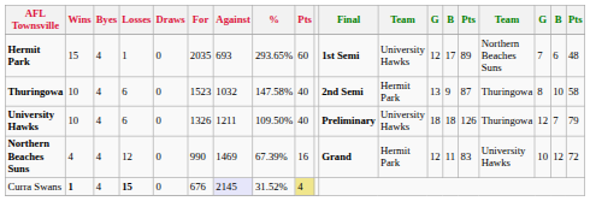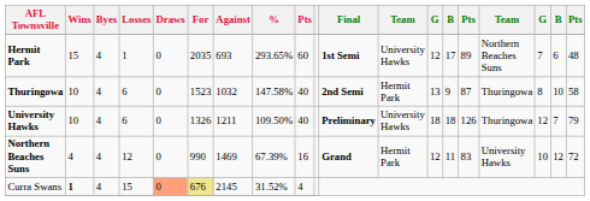 <table class="wikitable" style="font-size: 85%; text-align: left">
 <tr>
 <th style="color:crimson">AFL Townsville</th>
 <th style="color:crimson">Wins</th>
 <th style="color:crimson">Byes</th>
 <th style="color:crimson">Losses</th>
 <th style="color:crimson">Draws</th>
 <th style="color:crimson">For</th>
 <th style="color:crimson">Against</th>
 <th style="color:crimson">%</th>
 <th style="color:crimson">Pts</th>
 <th></th>
 <th style="color:green">Final</th>
 <th style="color:green">Team</th>
 <th style="color:green">G</th>
 <th style="color:green">B</th>
 <th style="color:green">Pts</th>
 <th style="color:green">Team</th>
 <th style="color:green">G</th>
 <th style="color:green">B</th>
 <th style="color:green">Pts</th>
 </tr>
 <tr>
 </tr>
 <tr>
 </tr>
 <tr>
 <td><strong>	Hermit Park	</strong></td>
 <td>15</td>
 <td>4</td>
 <td>1</td>
 <td>0</td>
 <td>2035</td>
 <td>693</td>
 <td>293.65%</td>
 <td>60</td>
 <td></td>
 <td><strong>1st Semi</strong></td>
 <td>University Hawks</td>
 <td>12</td>
 <td>17</td>
 <td>89</td>
 <td>Northern Beaches Suns</td>
 <td>7</td>
 <td>6</td>
 <td>48</td>
 </tr>
 <tr>
 <td><strong>	Thuringowa	</strong></td>
 <td>10</td>
 <td>4</td>
 <td>6</td>
 <td>0</td>
 <td>1523</td>
 <td>1032</td>
 <td>147.58%</td>
 <td>40</td>
 <td></td>
 <td><strong>2nd Semi</strong></td>
 <td>Hermit Park</td>
 <td>13</td>
 <td>9</td>
 <td>87</td>
 <td>Thuringowa</td>
 <td>8</td>
 <td>10</td>
 <td>58</td>
 </tr>
 <tr>
 <td><strong>	University Hawks	</strong></td>
 <td>10</td>
 <td>4</td>
 <td>6</td>
 <td>0</td>
 <td>1326</td>
 <td>1211</td>
 <td>109.50%</td>
 <td>40</td>
 <td></td>
 <td><strong>Preliminary</strong></td>
 <td>University Hawks</td>
 <td>18</td>
 <td>18</td>
 <td>126</td>
 <td>Thuringowa</td>
 <td>12</td>
 <td>7</td>
 <td>79</td>
 </tr>
 <tr>
 <td><strong>	Northern Beaches Suns	</strong></td>
 <td>4</td>
 <td>4</td>
 <td>12</td>
 <td>0</td>
 <td>990</td>
 <td>1469</td>
 <td>67.39%</td>
 <td>16</td>
 <td></td>
 <td><strong>Grand</strong></td>
 <td>Hermit Park</td>
 <td>12</td>
 <td>11</td>
 <td>83</td>
 <td>University Hawks</td>
 <td>10</td>
 <td>12</td>
 <td>72</td>
 </tr>
 <tr>
 <td>Curra Swans</td>
 <td><strong>1</strong></td>
 <td>4</td>
-<td><strong>15</strong></td>
-<td>0</td>
-<td>676</td>
-<td style="background: lavender;">2145</td>
+<td>15</td>
+<td style="background: lightsalmon;">0</td>
+<td style="background: khaki;">676</td>
+<td>2145</td>
 <td>31.52%</td>
-<td style="background: khaki;">4</td>
+<td>4</td>
 <td></td>
 </tr>
 <tr>
 </tr>
 </table>
